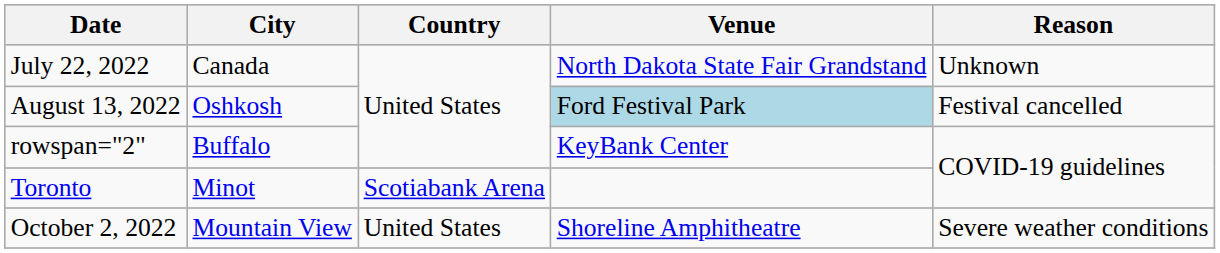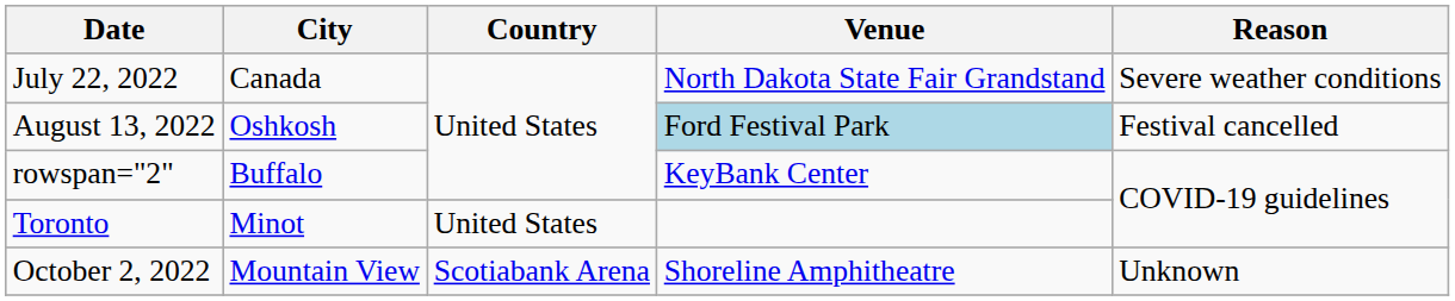 <table class="wikitable">
 <tr>
 <th>Date</th>
 <th>City</th>
 <th>Country</th>
 <th>Venue</th>
 <th>Reason</th>
 </tr>
 <tr>
 <td>July 22, 2022</td>
 <td>Canada</td>
 <td rowspan="3">United States</td>
 <td><a href='#'>North Dakota State Fair Grandstand</a></td>
-<td>Unknown</td>
+<td>Severe weather conditions</td>
 </tr>
 <tr>
 <td>August 13, 2022</td>
 <td><a href='#'>Oshkosh</a></td>
 <td style="background: lightblue;">Ford Festival Park</td>
 <td>Festival cancelled</td>
 </tr>
 <tr>
 <td>rowspan="2" </td>
 <td><a href='#'>Buffalo</a></td>
 <td><a href='#'>KeyBank Center</a></td>
 <td rowspan="2">COVID-19 guidelines</td>
 </tr>
 <tr>
 <td><a href='#'>Toronto</a></td>
 <td><a href='#'>Minot</a></td>
-<td><a href='#'>Scotiabank Arena</a></td>
+<td>United States</td>
 </tr>
 <tr>
 <td>October 2, 2022</td>
 <td><a href='#'>Mountain View</a></td>
-<td>United States</td>
+<td><a href='#'>Scotiabank Arena</a></td>
 <td><a href='#'>Shoreline Amphitheatre</a></td>
-<td>Severe weather conditions</td>
+<td>Unknown</td>
 </tr>
 </table>
